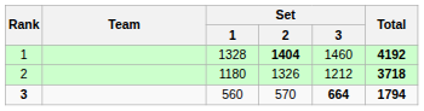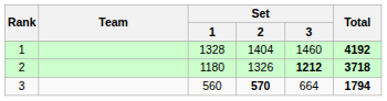 <table class=wikitable style="text-align:center">
 <tr>
 <th rowspan="2" width=40>Rank</th>
 <th rowspan="2" width=200>Team</th>
 <th colspan="3">Set</th>
 <th rowspan="2" width=60>Total</th>
 </tr>
 <tr>
 <th width=60>1</th>
 <th width=60>2</th>
 <th width=60>3</th>
 </tr>
 <tr bgcolor="ccffcc">
 <td>1</td>
 <td align=left></td>
 <td>1328</td>
-<td><strong>1404</strong></td>
+<td>1404</td>
 <td>1460</td>
 <td><strong>4192</strong></td>
 </tr>
 <tr bgcolor="ccffcc">
 <td>2</td>
 <td align=left></td>
 <td>1180</td>
 <td>1326</td>
-<td>1212</td>
+<td><strong>1212</strong></td>
 <td><strong>3718</strong></td>
 </tr>
 <tr>
-<td><strong>3</strong></td>
+<td>3</td>
 <td align=left></td>
 <td>560</td>
-<td>570</td>
-<td><strong>664</strong></td>
+<td><strong>570</strong></td>
+<td>664</td>
 <td><strong>1794</strong></td>
 </tr>
 </table>
